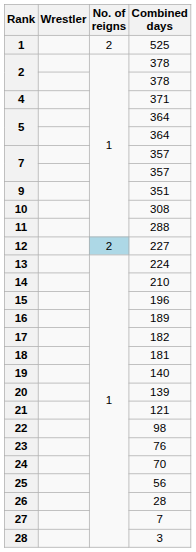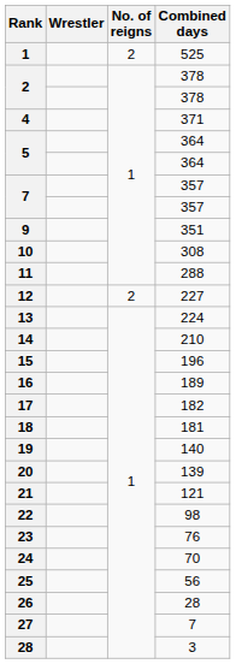 <table class="wikitable sortable" style="text-align: center">
 <tr>
 <th>Rank</th>
 <th>Wrestler</th>
 <th data-sort-type="number">No. of<br>reigns</th>
 <th data-sort-type="number">Combined<br>days</th>
 </tr>
 <tr>
 <th>1</th>
 <td></td>
 <td>2</td>
 <td>525</td>
 </tr>
 <tr>
 <th rowspan=2>2</th>
 <td></td>
 <td rowspan=10>1</td>
 <td>378</td>
 </tr>
 <tr>
 <td></td>
 <td>378</td>
 </tr>
 <tr>
 <th>4</th>
 <td></td>
 <td>371</td>
 </tr>
 <tr>
 <th rowspan=2>5</th>
 <td></td>
 <td>364</td>
 </tr>
 <tr>
 <td></td>
 <td>364</td>
 </tr>
 <tr>
 <th rowspan=2>7</th>
 <td></td>
 <td>357</td>
 </tr>
 <tr>
 <td></td>
 <td>357</td>
 </tr>
 <tr>
 <th>9</th>
 <td></td>
 <td>351</td>
 </tr>
 <tr>
 <th>10</th>
 <td></td>
 <td>308</td>
 </tr>
 <tr>
 <th>11</th>
 <td></td>
 <td>288</td>
 </tr>
 <tr>
 <th>12</th>
 <td></td>
-<td style="background: lightblue;">2</td>
+<td>2</td>
 <td>227</td>
 </tr>
 <tr>
 <th>13</th>
 <td></td>
 <td rowspan="16">1</td>
 <td>224</td>
 </tr>
 <tr>
 <th>14</th>
 <td></td>
 <td>210</td>
 </tr>
 <tr>
 <th>15</th>
 <td></td>
 <td>196</td>
 </tr>
 <tr>
 <th>16</th>
 <td></td>
 <td>189</td>
 </tr>
 <tr>
 <th>17</th>
 <td></td>
 <td>182</td>
 </tr>
 <tr>
 <th>18</th>
 <td></td>
 <td>181</td>
 </tr>
 <tr>
 <th>19</th>
 <td></td>
 <td>140</td>
 </tr>
 <tr>
 <th>20</th>
 <td></td>
 <td>139</td>
 </tr>
 <tr>
 <th>21</th>
 <td></td>
 <td>121</td>
 </tr>
 <tr>
 <th>22</th>
 <td></td>
 <td>98</td>
 </tr>
 <tr>
 <th>23</th>
 <td></td>
 <td>76</td>
 </tr>
 <tr>
 <th>24</th>
 <td></td>
 <td>70</td>
 </tr>
 <tr>
 <th>25</th>
 <td></td>
 <td>56</td>
 </tr>
 <tr>
 <th>26</th>
 <td></td>
 <td>28</td>
 </tr>
 <tr>
 <th>27</th>
 <td></td>
 <td>7</td>
 </tr>
 <tr>
 <th>28</th>
 <td></td>
 <td>3</td>
 </tr>
 </table>
